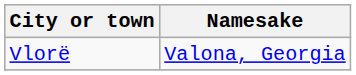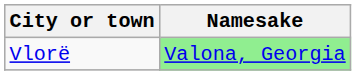 <table class="wikitable">
 <tr>
 <th>City or town</th>
 <th>Namesake</th>
 </tr>
 <tr>
 <td><a href='#'>Vlorë</a></td>
-<td><a href='#'>Valona, Georgia</a></td>
+<td style="background: lightgreen;"><a href='#'>Valona, Georgia</a></td>
 </tr>
 </table>
